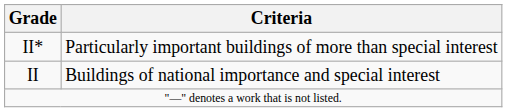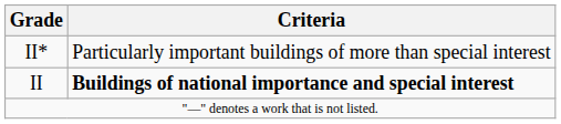 <table class="wikitable" border="1">
 <tr>
 <th>Grade</th>
 <th>Criteria</th>
 </tr>
 <tr>
 <td align="center" >II*</td>
 <td>Particularly important buildings of more than special interest</td>
 </tr>
 <tr>
 <td align="center" >II</td>
-<td>Buildings of national importance and special interest</td>
+<td><strong>Buildings of national importance and special interest</strong></td>
 </tr>
 <tr>
 <td align="center" colspan="14" style="font-size: 8pt">"—" denotes a work that is not listed.</td>
 </tr>
 </table>
